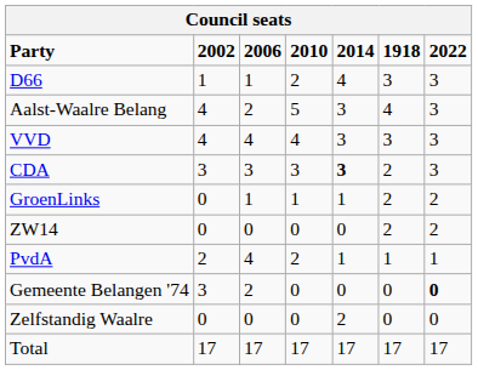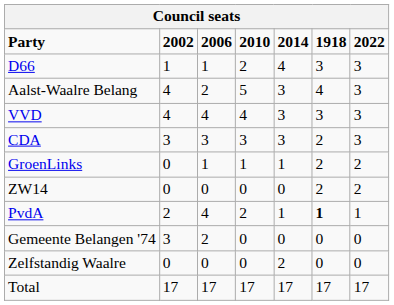 <table class="wikitable">
 <tr>
 <th colspan="8"><strong>Council seats</strong></th>
 </tr>
 <tr>
 <td><strong>Party</strong></td>
 <td><strong>2002</strong></td>
 <td><strong>2006</strong></td>
 <td><strong>2010</strong></td>
 <td><strong>2014</strong></td>
 <td><strong>1918</strong></td>
 <td><strong>2022</strong></td>
 </tr>
 <tr>
 <td><a href='#'>D66</a></td>
 <td>1</td>
 <td>1</td>
 <td>2</td>
 <td>4</td>
 <td>3</td>
 <td>3</td>
 </tr>
 <tr>
 <td>Aalst-Waalre Belang</td>
 <td>4</td>
 <td>2</td>
 <td>5</td>
 <td>3</td>
 <td>4</td>
 <td>3</td>
 </tr>
 <tr>
 <td><a href='#'>VVD</a></td>
 <td>4</td>
 <td>4</td>
 <td>4</td>
 <td>3</td>
 <td>3</td>
 <td>3</td>
 </tr>
 <tr>
 <td><a href='#'>CDA</a></td>
 <td>3</td>
 <td>3</td>
 <td>3</td>
-<td><strong>3</strong></td>
+<td>3</td>
 <td>2</td>
 <td>3</td>
 </tr>
 <tr>
 <td><a href='#'>GroenLinks</a></td>
 <td>0</td>
 <td>1</td>
 <td>1</td>
 <td>1</td>
 <td>2</td>
 <td>2</td>
 </tr>
 <tr>
 <td>ZW14</td>
 <td>0</td>
 <td>0</td>
 <td>0</td>
 <td>0</td>
 <td>2</td>
 <td>2</td>
 </tr>
 <tr>
 <td><a href='#'>PvdA</a></td>
 <td>2</td>
 <td>4</td>
 <td>2</td>
 <td>1</td>
-<td>1</td>
+<td><strong>1</strong></td>
 <td>1</td>
 </tr>
 <tr>
 <td>Gemeente Belangen '74</td>
 <td>3</td>
 <td>2</td>
 <td>0</td>
 <td>0</td>
 <td>0</td>
-<td><strong>0</strong></td>
+<td>0</td>
 </tr>
 <tr>
 <td>Zelfstandig Waalre</td>
 <td>0</td>
 <td>0</td>
 <td>0</td>
 <td>2</td>
 <td>0</td>
 <td>0</td>
 </tr>
 <tr>
 <td>Total</td>
 <td>17</td>
 <td>17</td>
 <td>17</td>
 <td>17</td>
 <td>17</td>
 <td>17</td>
 </tr>
 </table>
